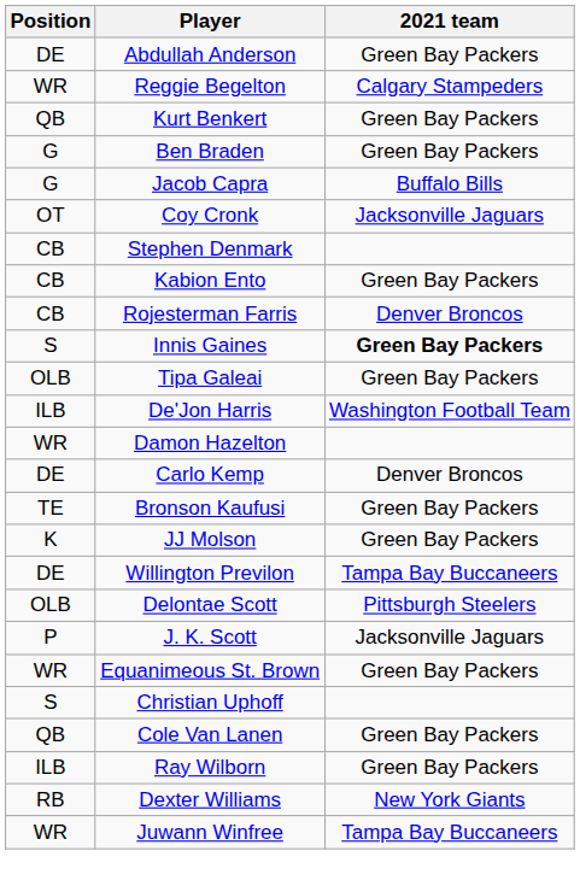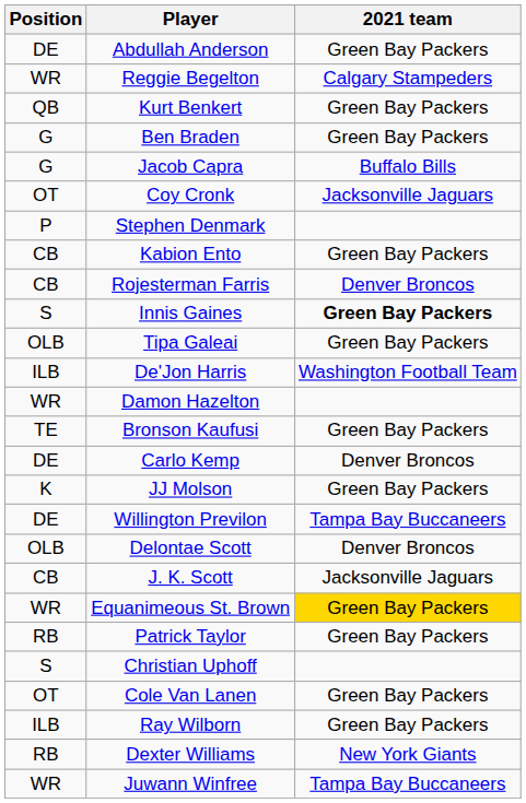 <table class="wikitable" style="text-align:center">
 <tr>
 <th>Position</th>
 <th>Player</th>
 <th>2021 team</th>
 </tr>
 <tr>
 <td>DE</td>
 <td><a href='#'>Abdullah Anderson</a></td>
 <td>Green Bay Packers</td>
 </tr>
 <tr>
 <td>WR</td>
 <td><a href='#'>Reggie Begelton</a></td>
 <td><a href='#'>Calgary Stampeders</a></td>
 </tr>
 <tr>
 <td>QB</td>
 <td><a href='#'>Kurt Benkert</a></td>
 <td>Green Bay Packers</td>
 </tr>
 <tr>
 <td>G</td>
 <td><a href='#'>Ben Braden</a></td>
 <td>Green Bay Packers</td>
 </tr>
 <tr>
 <td>G</td>
 <td><a href='#'>Jacob Capra</a></td>
 <td><a href='#'>Buffalo Bills</a></td>
 </tr>
 <tr>
 <td>OT</td>
 <td><a href='#'>Coy Cronk</a></td>
 <td><a href='#'>Jacksonville Jaguars</a></td>
 </tr>
 <tr>
-<td>CB</td>
+<td>P</td>
 <td><a href='#'>Stephen Denmark</a></td>
 <td></td>
 </tr>
 <tr>
 <td>CB</td>
 <td><a href='#'>Kabion Ento</a></td>
 <td>Green Bay Packers</td>
 </tr>
 <tr>
 <td>CB</td>
 <td><a href='#'>Rojesterman Farris</a></td>
 <td><a href='#'>Denver Broncos</a></td>
 </tr>
 <tr>
 <td>S</td>
 <td><a href='#'>Innis Gaines</a></td>
 <td><strong>Green Bay Packers</strong></td>
 </tr>
 <tr>
 <td>OLB</td>
 <td><a href='#'>Tipa Galeai</a></td>
 <td>Green Bay Packers</td>
 </tr>
 <tr>
 <td>ILB</td>
 <td><a href='#'>De'Jon Harris</a></td>
 <td><a href='#'>Washington Football Team</a></td>
 </tr>
 <tr>
 <td>WR</td>
 <td><a href='#'>Damon Hazelton</a></td>
 <td></td>
 </tr>
 <tr>
+<td>TE</td>
+<td><a href='#'>Bronson Kaufusi</a></td>
+<td>Green Bay Packers</td>
+</tr>
+<tr>
 <td>DE</td>
 <td><a href='#'>Carlo Kemp</a></td>
 <td>Denver Broncos</td>
-</tr>
-<tr>
-<td>TE</td>
-<td><a href='#'>Bronson Kaufusi</a></td>
-<td>Green Bay Packers</td>
 </tr>
 <tr>
 <td>K</td>
 <td><a href='#'>JJ Molson</a></td>
 <td>Green Bay Packers</td>
 </tr>
 <tr>
 <td>DE</td>
 <td><a href='#'>Willington Previlon</a></td>
 <td><a href='#'>Tampa Bay Buccaneers</a></td>
 </tr>
 <tr>
 <td>OLB</td>
 <td><a href='#'>Delontae Scott</a></td>
-<td><a href='#'>Pittsburgh Steelers</a></td>
+<td>Denver Broncos</td>
 </tr>
 <tr>
-<td>P</td>
+<td>CB</td>
 <td><a href='#'>J. K. Scott</a></td>
 <td>Jacksonville Jaguars</td>
 </tr>
 <tr>
 <td>WR</td>
 <td><a href='#'>Equanimeous St. Brown</a></td>
+<td style="background: gold;">Green Bay Packers</td>
+</tr>
+<tr>
+<td>RB</td>
+<td><a href='#'>Patrick Taylor</a></td>
 <td>Green Bay Packers</td>
 </tr>
 <tr>
 <td>S</td>
 <td><a href='#'>Christian Uphoff</a></td>
 <td></td>
 </tr>
 <tr>
-<td>QB</td>
+<td>OT</td>
 <td><a href='#'>Cole Van Lanen</a></td>
 <td>Green Bay Packers</td>
 </tr>
 <tr>
 <td>ILB</td>
 <td><a href='#'>Ray Wilborn</a></td>
 <td>Green Bay Packers</td>
 </tr>
 <tr>
 <td>RB</td>
 <td><a href='#'>Dexter Williams</a></td>
 <td><a href='#'>New York Giants</a></td>
 </tr>
 <tr>
 <td>WR</td>
 <td><a href='#'>Juwann Winfree</a></td>
 <td><a href='#'>Tampa Bay Buccaneers</a></td>
 </tr>
 </table>
